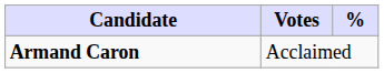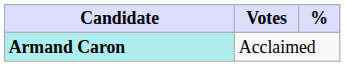 <table class="wikitable">
 <tr>
 <th style="background:#ddf; width:200px;">Candidate</th>
 <th style="background:#ddf; width:50px;">Votes</th>
 <th style="background:#ddf; width:30px;">%</th>
 </tr>
 <tr>
-<td><strong>Armand Caron</strong></td>
+<td style="background: paleturquoise;"><strong>Armand Caron</strong></td>
 <td colspan="2">Acclaimed</td>
 </tr>
 </table>
